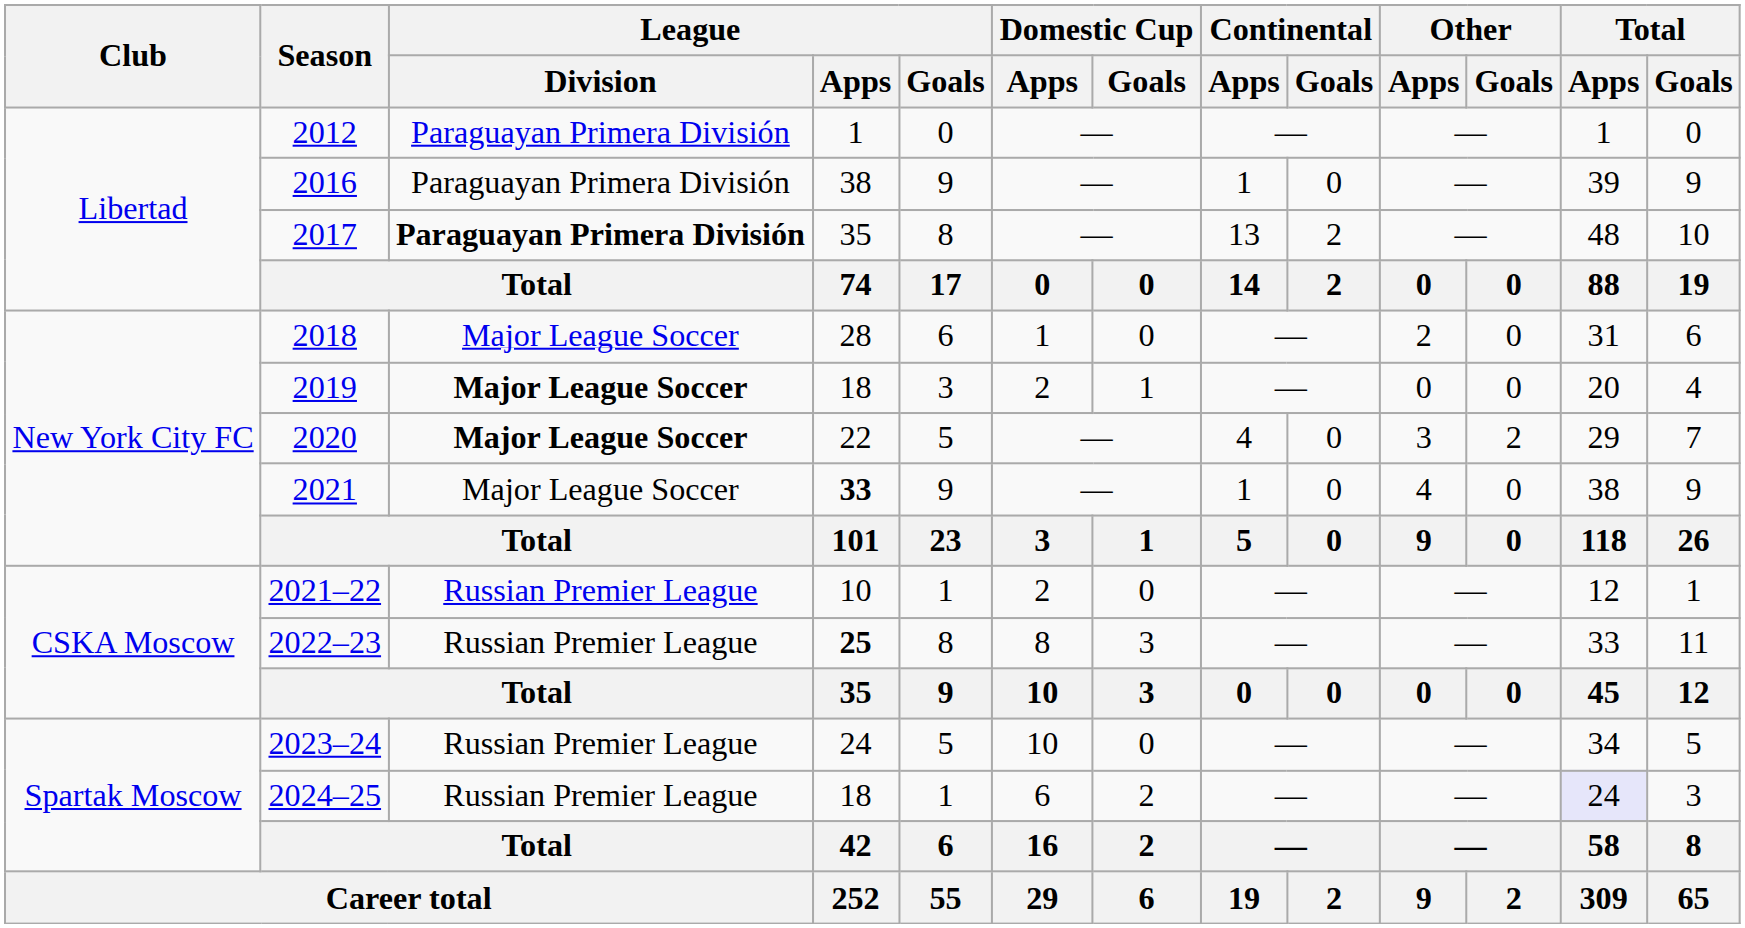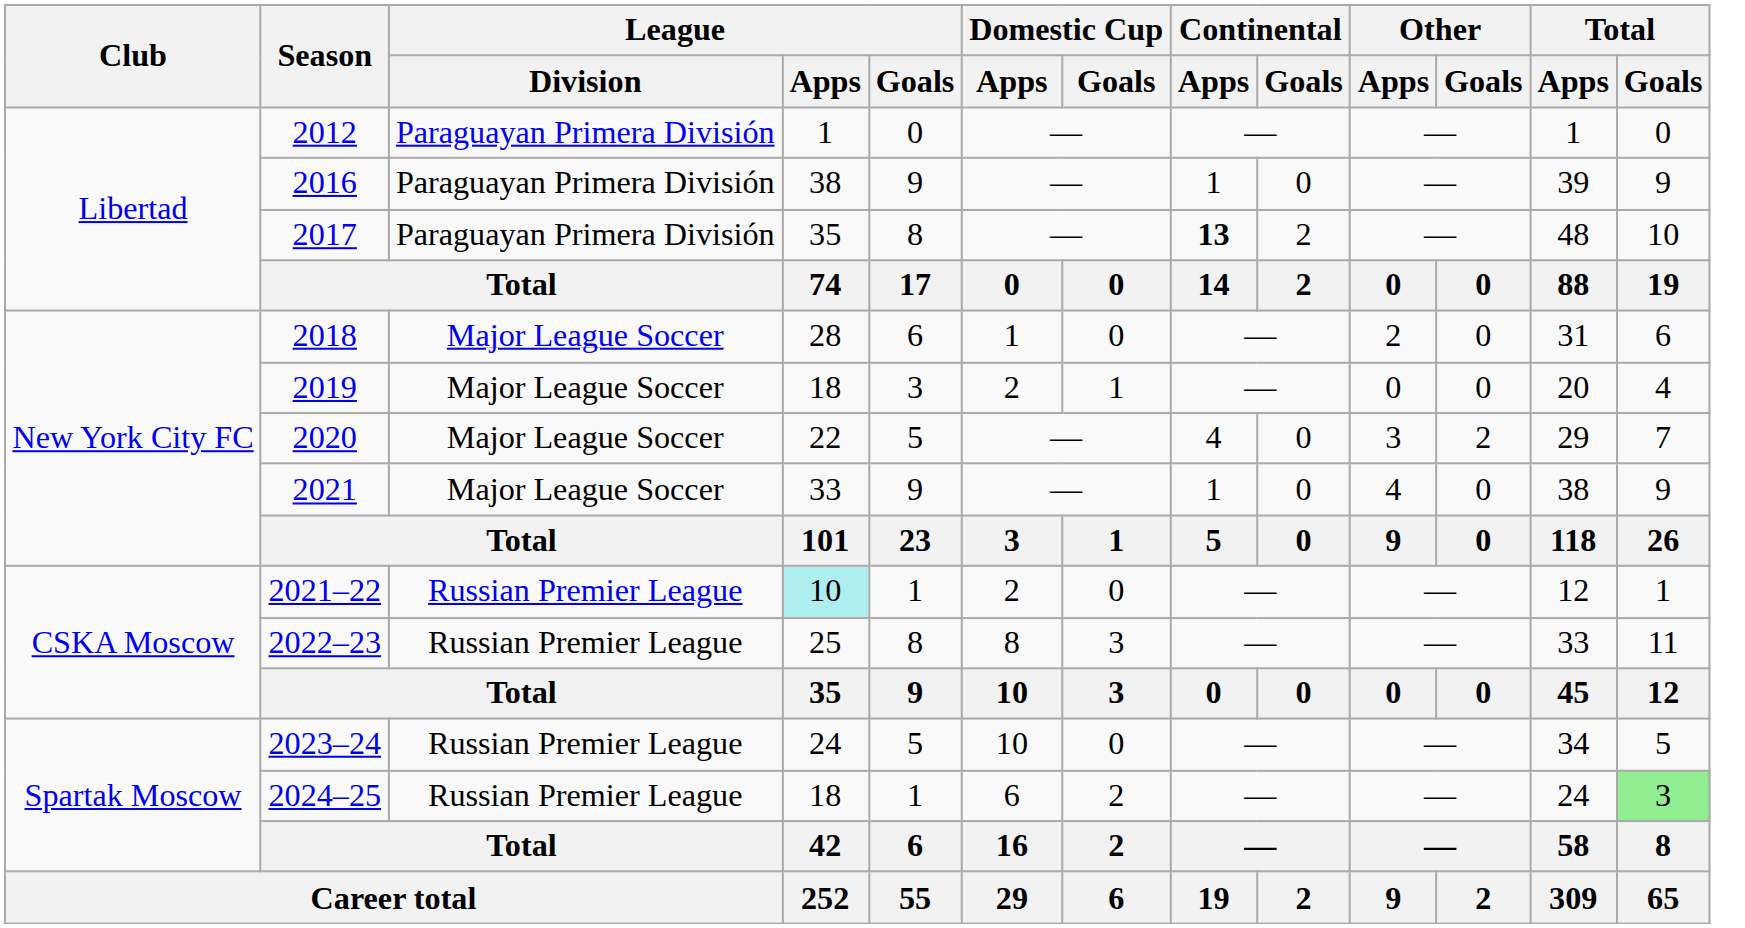 <table class="wikitable" style="text-align: center;">
 <tr>
 <th rowspan="2">Club</th>
 <th rowspan="2">Season</th>
 <th colspan="3">League</th>
 <th colspan="2">Domestic Cup</th>
 <th colspan="2">Continental</th>
 <th colspan="2">Other</th>
 <th colspan="2">Total</th>
 </tr>
 <tr>
 <th>Division</th>
 <th>Apps</th>
 <th>Goals</th>
 <th>Apps</th>
 <th>Goals</th>
 <th>Apps</th>
 <th>Goals</th>
 <th>Apps</th>
 <th>Goals</th>
 <th>Apps</th>
 <th>Goals</th>
 </tr>
 <tr>
 <td rowspan="4"><a href='#'>Libertad</a></td>
 <td><a href='#'>2012</a></td>
 <td><a href='#'>Paraguayan Primera División</a></td>
 <td>1</td>
 <td>0</td>
 <td colspan=2>—</td>
 <td colspan=2>—</td>
 <td colspan=2>—</td>
 <td>1</td>
 <td>0</td>
 </tr>
 <tr>
 <td><a href='#'>2016</a></td>
 <td>Paraguayan Primera División</td>
 <td>38</td>
 <td>9</td>
 <td colspan=2>—</td>
 <td>1</td>
 <td>0</td>
 <td colspan="2">—</td>
 <td>39</td>
 <td>9</td>
 </tr>
 <tr>
 <td><a href='#'>2017</a></td>
-<td><strong>Paraguayan Primera División</strong></td>
+<td>Paraguayan Primera División</td>
 <td>35</td>
 <td>8</td>
 <td colspan=2>—</td>
-<td>13</td>
+<td><strong>13</strong></td>
 <td>2</td>
 <td colspan=2>—</td>
 <td>48</td>
 <td>10</td>
 </tr>
 <tr>
 <th colspan="2">Total</th>
 <th>74</th>
 <th>17</th>
 <th>0</th>
 <th>0</th>
 <th>14</th>
 <th>2</th>
 <th>0</th>
 <th>0</th>
 <th>88</th>
 <th>19</th>
 </tr>
 <tr>
 <td rowspan="5"><a href='#'>New York City FC</a></td>
 <td><a href='#'>2018</a></td>
 <td><a href='#'>Major League Soccer</a></td>
 <td>28</td>
 <td>6</td>
 <td>1</td>
 <td>0</td>
 <td colspan=2>—</td>
 <td>2</td>
 <td>0</td>
 <td>31</td>
 <td>6</td>
 </tr>
 <tr>
 <td><a href='#'>2019</a></td>
-<td><strong>Major League Soccer</strong></td>
+<td>Major League Soccer</td>
 <td>18</td>
 <td>3</td>
 <td>2</td>
 <td>1</td>
 <td colspan="2">—</td>
 <td>0</td>
 <td>0</td>
 <td>20</td>
 <td>4</td>
 </tr>
 <tr>
 <td><a href='#'>2020</a></td>
-<td><strong>Major League Soccer</strong></td>
+<td>Major League Soccer</td>
 <td>22</td>
 <td>5</td>
 <td colspan=2>—</td>
 <td>4</td>
 <td>0</td>
 <td>3</td>
 <td>2</td>
 <td>29</td>
 <td>7</td>
 </tr>
 <tr>
 <td><a href='#'>2021</a></td>
 <td>Major League Soccer</td>
-<td><strong>33</strong></td>
+<td>33</td>
 <td>9</td>
 <td colspan=2>—</td>
 <td>1</td>
 <td>0</td>
 <td>4</td>
 <td>0</td>
 <td>38</td>
 <td>9</td>
 </tr>
 <tr>
 <th colspan="2">Total</th>
 <th>101</th>
 <th>23</th>
 <th>3</th>
 <th>1</th>
 <th>5</th>
 <th>0</th>
 <th>9</th>
 <th>0</th>
 <th>118</th>
 <th>26</th>
 </tr>
 <tr>
 <td rowspan="3"><a href='#'>CSKA Moscow</a></td>
 <td><a href='#'>2021–22</a></td>
 <td><a href='#'>Russian Premier League</a></td>
-<td>10</td>
+<td style="background: paleturquoise;">10</td>
 <td>1</td>
 <td>2</td>
 <td>0</td>
 <td colspan=2>—</td>
 <td colspan=2>—</td>
 <td>12</td>
 <td>1</td>
 </tr>
 <tr>
 <td><a href='#'>2022–23</a></td>
 <td>Russian Premier League</td>
-<td><strong>25</strong></td>
+<td>25</td>
 <td>8</td>
 <td>8</td>
 <td>3</td>
 <td colspan=2>—</td>
 <td colspan=2>—</td>
 <td>33</td>
 <td>11</td>
 </tr>
 <tr>
 <th colspan="2">Total</th>
 <th>35</th>
 <th>9</th>
 <th>10</th>
 <th>3</th>
 <th>0</th>
 <th>0</th>
 <th>0</th>
 <th>0</th>
 <th>45</th>
 <th>12</th>
 </tr>
 <tr>
 <td rowspan="3"><a href='#'>Spartak Moscow</a></td>
 <td><a href='#'>2023–24</a></td>
 <td>Russian Premier League</td>
 <td>24</td>
 <td>5</td>
 <td>10</td>
 <td>0</td>
 <td colspan=2>—</td>
 <td colspan=2>—</td>
 <td>34</td>
 <td>5</td>
 </tr>
 <tr>
 <td><a href='#'>2024–25</a></td>
 <td>Russian Premier League</td>
 <td>18</td>
 <td>1</td>
 <td>6</td>
 <td>2</td>
 <td colspan="2">—</td>
 <td colspan="2">—</td>
-<td style="background: lavender;">24</td>
-<td>3</td>
+<td>24</td>
+<td style="background: lightgreen;">3</td>
 </tr>
 <tr>
 <th colspan="2">Total</th>
 <th>42</th>
 <th>6</th>
 <th>16</th>
 <th>2</th>
 <th colspan="2">—</th>
 <th colspan="2">—</th>
 <th>58</th>
 <th>8</th>
 </tr>
 <tr>
 <th colspan="3">Career total</th>
 <th>252</th>
 <th>55</th>
 <th>29</th>
 <th>6</th>
 <th>19</th>
 <th>2</th>
 <th>9</th>
 <th>2</th>
 <th>309</th>
 <th>65</th>
 </tr>
 </table>
